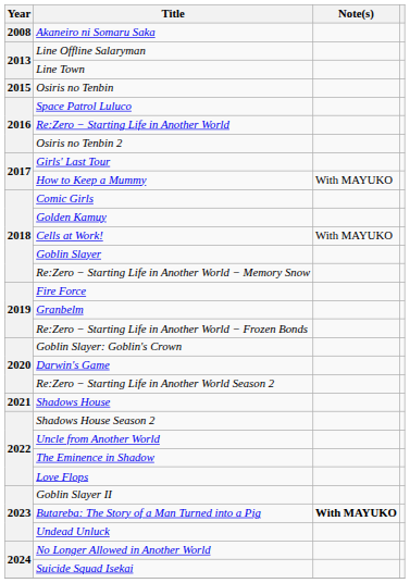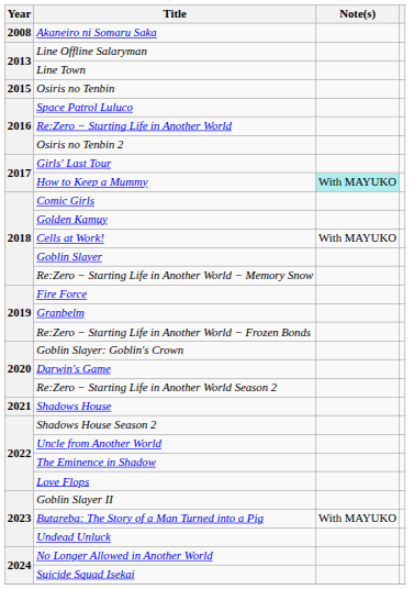 <table class="wikitable sortable">
 <tr>
 <th>Year</th>
 <th>Title</th>
 <th class="unsortable">Note(s)</th>
 <th class="unsortable"></th>
 </tr>
 <tr>
 <th>2008</th>
 <td><em><a href='#'>Akaneiro ni Somaru Saka</a></em></td>
 <td></td>
 <td></td>
 </tr>
 <tr>
 <th rowspan="2">2013</th>
 <td><em>Line Offline Salaryman</em></td>
 <td></td>
 <td></td>
 </tr>
 <tr>
 <td><em>Line Town</em></td>
 <td></td>
 <td></td>
 </tr>
 <tr>
 <th>2015</th>
 <td><em>Osiris no Tenbin</em></td>
 <td></td>
 <td></td>
 </tr>
 <tr>
 <th rowspan="3">2016</th>
 <td><em><a href='#'>Space Patrol Luluco</a></em></td>
 <td></td>
 <td></td>
 </tr>
 <tr>
 <td><em><a href='#'>Re:Zero − Starting Life in Another World</a></em></td>
 <td></td>
 <td></td>
 </tr>
 <tr>
 <td><em>Osiris no Tenbin 2</em></td>
 <td></td>
 <td></td>
 </tr>
 <tr>
 <th rowspan="2">2017</th>
 <td><em><a href='#'>Girls' Last Tour</a></em></td>
 <td></td>
 <td></td>
 </tr>
 <tr>
 <td><em><a href='#'>How to Keep a Mummy</a></em></td>
-<td>With MAYUKO</td>
+<td style="background: paleturquoise;">With MAYUKO</td>
 <td></td>
 </tr>
 <tr>
 <th rowspan="5">2018</th>
 <td><em><a href='#'>Comic Girls</a></em></td>
 <td></td>
 <td></td>
 </tr>
 <tr>
 <td><em><a href='#'>Golden Kamuy</a></em></td>
 <td></td>
 <td></td>
 </tr>
 <tr>
 <td><em><a href='#'>Cells at Work!</a></em></td>
 <td>With MAYUKO</td>
 <td></td>
 </tr>
 <tr>
 <td><em><a href='#'>Goblin Slayer</a></em></td>
 <td></td>
 <td></td>
 </tr>
 <tr>
 <td><em>Re:Zero − Starting Life in Another World − Memory Snow</em></td>
 <td></td>
 <td></td>
 </tr>
 <tr>
 <th rowspan="3">2019</th>
 <td><em><a href='#'>Fire Force</a></em></td>
 <td></td>
 <td></td>
 </tr>
 <tr>
 <td><em><a href='#'>Granbelm</a></em></td>
 <td></td>
 <td></td>
 </tr>
 <tr>
 <td><em>Re:Zero − Starting Life in Another World − Frozen Bonds</em></td>
 <td></td>
 <td></td>
 </tr>
 <tr>
 <th rowspan="3">2020</th>
 <td><em>Goblin Slayer: Goblin's Crown</em></td>
 <td></td>
 <td></td>
 </tr>
 <tr>
 <td><em><a href='#'>Darwin's Game</a></em></td>
 <td></td>
 <td></td>
 </tr>
 <tr>
 <td><em>Re:Zero − Starting Life in Another World Season 2</em></td>
 <td></td>
 <td></td>
 </tr>
 <tr>
 <th>2021</th>
 <td><em><a href='#'>Shadows House</a></em></td>
 <td></td>
 <td></td>
 </tr>
 <tr>
 <th rowspan="4">2022</th>
 <td><em>Shadows House Season 2</em></td>
 <td></td>
 <td></td>
 </tr>
 <tr>
 <td><em><a href='#'>Uncle from Another World</a></em></td>
 <td></td>
 <td></td>
 </tr>
 <tr>
 <td><em><a href='#'>The Eminence in Shadow</a></em></td>
 <td></td>
 <td></td>
 </tr>
 <tr>
 <td><em><a href='#'>Love Flops</a></em></td>
 <td></td>
 <td></td>
 </tr>
 <tr>
 <th rowspan="3">2023</th>
 <td><em>Goblin Slayer II</em></td>
 <td></td>
 <td></td>
 </tr>
 <tr>
 <td><em><a href='#'>Butareba: The Story of a Man Turned into a Pig</a></em></td>
-<td><strong>With MAYUKO</strong></td>
+<td>With MAYUKO</td>
 <td></td>
 </tr>
 <tr>
 <td><em><a href='#'>Undead Unluck</a></em></td>
 <td></td>
 <td></td>
 </tr>
 <tr>
 <th rowspan="2">2024</th>
 <td><em><a href='#'>No Longer Allowed in Another World</a></em></td>
 <td></td>
 <td></td>
 </tr>
 <tr>
 <td><em><a href='#'>Suicide Squad Isekai</a></em></td>
 <td></td>
 <td></td>
 </tr>
 <tr>
 </tr>
 </table>
